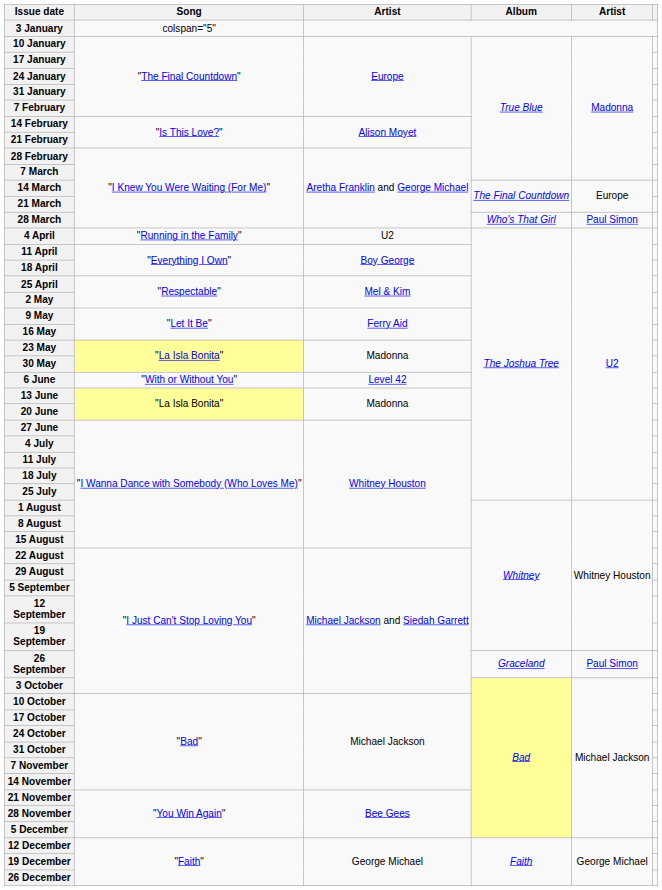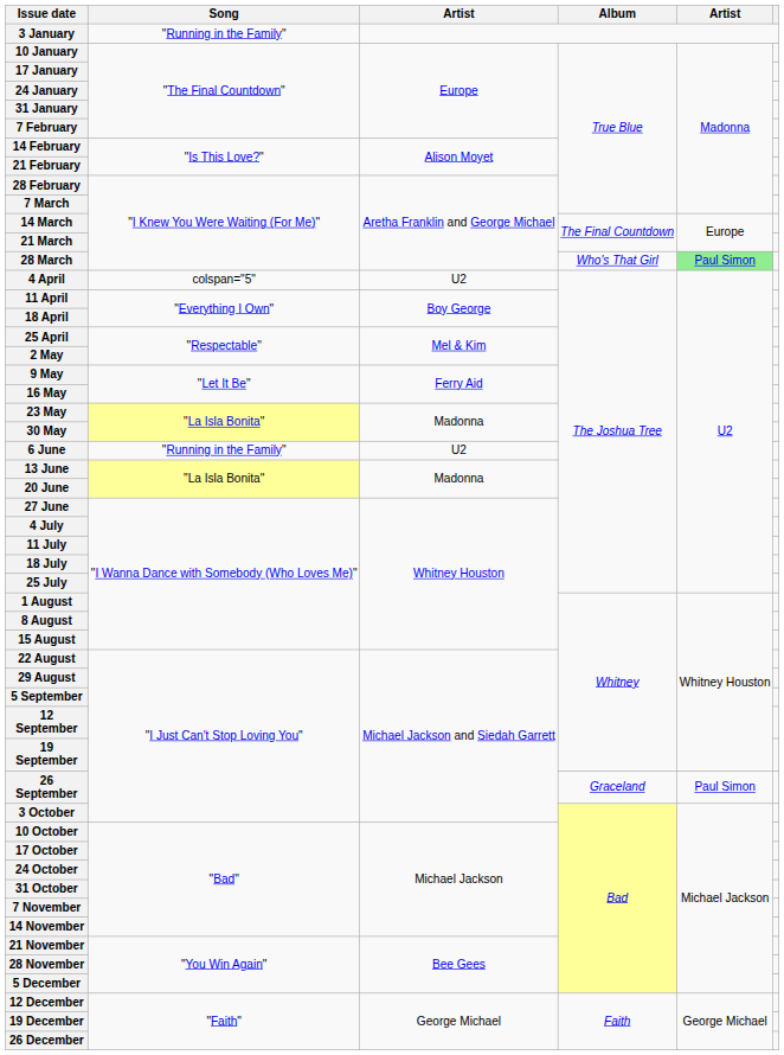 <table class="wikitable plainrowheaders" style="text-align:center">
 <tr>
 <th scope="col" style="width:6.5em;">Issue date</th>
 <th scope="col">Song</th>
 <th scope="col">Artist</th>
 <th scope="col">Album</th>
 <th scope="col">Artist</th>
 <th scope="col"></th>
 </tr>
 <tr>
 <th scope="row">3 January</th>
-<td>colspan="5" </td>
+<td>"<a href='#'>Running in the Family</a>"</td>
 </tr>
 <tr>
 <th scope="row">10 January</th>
 <td rowspan="5">"<a href='#'>The Final Countdown</a>"</td>
 <td rowspan="5"><a href='#'>Europe</a></td>
 <td rowspan="9"><em><a href='#'>True Blue</a></em></td>
 <td rowspan="9"><a href='#'>Madonna</a></td>
 <td></td>
 </tr>
 <tr>
 <th scope="row">17 January</th>
 <td></td>
 </tr>
 <tr>
 <th scope="row">24 January</th>
 <td></td>
 </tr>
 <tr>
 <th scope="row">31 January</th>
 <td></td>
 </tr>
 <tr>
 <th scope="row">7 February</th>
 <td></td>
 </tr>
 <tr>
 <th scope="row">14 February</th>
 <td rowspan="2">"<a href='#'>Is This Love?</a>"</td>
 <td rowspan="2"><a href='#'>Alison Moyet</a></td>
 <td></td>
 </tr>
 <tr>
 <th scope="row">21 February</th>
 <td></td>
 </tr>
 <tr>
 <th scope="row">28 February</th>
 <td rowspan="5">"<a href='#'>I Knew You Were Waiting (For Me)</a>"</td>
 <td rowspan="5"><a href='#'>Aretha Franklin</a> and <a href='#'>George Michael</a></td>
 <td></td>
 </tr>
 <tr>
 <th scope="row">7 March</th>
 <td></td>
 </tr>
 <tr>
 <th scope="row">14 March</th>
 <td rowspan="2"><em><a href='#'>The Final Countdown</a></em></td>
 <td rowspan="2">Europe</td>
 <td></td>
 </tr>
 <tr>
 <th scope="row">21 March</th>
 <td></td>
 </tr>
 <tr>
 <th scope="row">28 March</th>
 <td><em><a href='#'>Who's That Girl</a></em></td>
-<td><a href='#'>Paul Simon</a></td>
+<td style="background: lightgreen;"><a href='#'>Paul Simon</a></td>
 <td></td>
 </tr>
 <tr>
 <th scope="row">4 April</th>
-<td>"<a href='#'>Running in the Family</a>"</td>
+<td>colspan="5" </td>
 <td>U2</td>
 <td rowspan="17"><em><a href='#'>The Joshua Tree</a></em></td>
 <td rowspan="17"><a href='#'>U2</a></td>
 <td></td>
 </tr>
 <tr>
 <th scope="row">11 April</th>
 <td rowspan="2">"<a href='#'>Everything I Own</a>"</td>
 <td rowspan="2"><a href='#'>Boy George</a></td>
 <td></td>
 </tr>
 <tr>
 <th scope="row">18 April</th>
 <td></td>
 </tr>
 <tr>
 <th scope="row">25 April</th>
 <td rowspan="2">"<a href='#'>Respectable</a>"</td>
 <td rowspan="2"><a href='#'>Mel & Kim</a></td>
 <td></td>
 </tr>
 <tr>
 <th scope="row">2 May</th>
 <td></td>
 </tr>
 <tr>
 <th scope="row">9 May</th>
 <td rowspan="2">"<a href='#'>Let It Be</a>"</td>
 <td rowspan="2"><a href='#'>Ferry Aid</a></td>
 <td></td>
 </tr>
 <tr>
 <th scope="row">16 May</th>
 <td></td>
 </tr>
 <tr>
 <th scope="row">23 May</th>
 <td bgcolor=#FFFF99 rowspan="2">"<a href='#'>La Isla Bonita</a>" </td>
 <td rowspan="2">Madonna</td>
 <td></td>
 </tr>
 <tr>
 <th scope="row">30 May</th>
 <td></td>
 </tr>
 <tr>
 <th scope="row">6 June</th>
-<td>"<a href='#'>With or Without You</a>"</td>
-<td><a href='#'>Level 42</a></td>
+<td>"<a href='#'>Running in the Family</a>"</td>
+<td>U2</td>
 <td></td>
 </tr>
 <tr>
 <th scope="row">13 June</th>
 <td bgcolor=#FFFF99 rowspan="2">"La Isla Bonita" </td>
 <td rowspan="2">Madonna</td>
 <td></td>
 </tr>
 <tr>
 <th scope="row">20 June</th>
 <td></td>
 </tr>
 <tr>
 <th scope="row">27 June</th>
 <td rowspan="8">"<a href='#'>I Wanna Dance with Somebody (Who Loves Me)</a>"</td>
 <td rowspan="8"><a href='#'>Whitney Houston</a></td>
 <td></td>
 </tr>
 <tr>
 <th scope="row">4 July</th>
 <td></td>
 </tr>
 <tr>
 <th scope="row">11 July</th>
 <td></td>
 </tr>
 <tr>
 <th scope="row">18 July</th>
 <td></td>
 </tr>
 <tr>
 <th scope="row">25 July</th>
 <td></td>
 </tr>
 <tr>
 <th scope="row">1 August</th>
 <td rowspan="8"><em><a href='#'>Whitney</a></em></td>
 <td rowspan="8">Whitney Houston</td>
 <td></td>
 </tr>
 <tr>
 <th scope="row">8 August</th>
 <td></td>
 </tr>
 <tr>
 <th scope="row">15 August</th>
 <td></td>
 </tr>
 <tr>
 <th scope="row">22 August</th>
 <td rowspan="7">"<a href='#'>I Just Can't Stop Loving You</a>"</td>
 <td rowspan="7"><a href='#'>Michael Jackson</a> and <a href='#'>Siedah Garrett</a></td>
 <td></td>
 </tr>
 <tr>
 <th scope="row">29 August</th>
 <td></td>
 </tr>
 <tr>
 <th scope="row">5 September</th>
 <td></td>
 </tr>
 <tr>
 <th scope="row">12 September</th>
 <td></td>
 </tr>
 <tr>
 <th scope="row">19 September</th>
 <td></td>
 </tr>
 <tr>
 <th scope="row">26 September</th>
 <td><em><a href='#'>Graceland</a></em></td>
 <td><a href='#'>Paul Simon</a></td>
 <td></td>
 </tr>
 <tr>
 <th scope="row">3 October</th>
 <td bgcolor=#FFFF99 rowspan="10"><em><a href='#'>Bad</a></em> </td>
 <td rowspan="10">Michael Jackson</td>
 <td></td>
 </tr>
 <tr>
 <th scope="row">10 October</th>
 <td rowspan="6">"<a href='#'>Bad</a>"</td>
 <td rowspan="6">Michael Jackson</td>
 <td></td>
 </tr>
 <tr>
 <th scope="row">17 October</th>
 <td></td>
 </tr>
 <tr>
 <th scope="row">24 October</th>
 <td></td>
 </tr>
 <tr>
 <th scope="row">31 October</th>
 <td></td>
 </tr>
 <tr>
 <th scope="row">7 November</th>
 <td></td>
 </tr>
 <tr>
 <th scope="row">14 November</th>
 <td></td>
 </tr>
 <tr>
 <th scope="row">21 November</th>
 <td rowspan="3">"<a href='#'>You Win Again</a>"</td>
 <td rowspan="3"><a href='#'>Bee Gees</a></td>
 <td></td>
 </tr>
 <tr>
 <th scope="row">28 November</th>
 <td></td>
 </tr>
 <tr>
 <th scope="row">5 December</th>
 <td></td>
 </tr>
 <tr>
 <th scope="row">12 December</th>
 <td rowspan="3">"<a href='#'>Faith</a>"</td>
 <td rowspan="3">George Michael</td>
 <td rowspan="3"><em><a href='#'>Faith</a></em></td>
 <td rowspan="3">George Michael</td>
 <td></td>
 </tr>
 <tr>
 <th scope="row">19 December</th>
 <td></td>
 </tr>
 <tr>
 <th scope="row">26 December</th>
 <td></td>
 </tr>
 </table>
